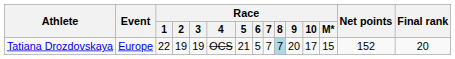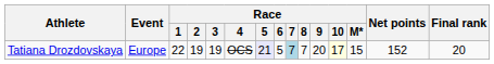 <table class="wikitable" style="font-size:90%">
 <tr>
 <th rowspan=2>Athlete</th>
 <th rowspan=2>Event</th>
 <th colspan=11>Race</th>
 <th rowspan=2>Net points</th>
 <th rowspan=2>Final rank</th>
 </tr>
 <tr style="font-size:95%">
 <th>1</th>
 <th>2</th>
 <th>3</th>
 <th>4</th>
 <th>5</th>
 <th>6</th>
 <th>7</th>
 <th>8</th>
 <th>9</th>
 <th>10</th>
 <th>M*</th>
 </tr>
 <tr align=center>
 <td align=left><a href='#'>Tatiana Drozdovskaya</a></td>
 <td align=left><a href='#'>Europe</a></td>
 <td>22</td>
 <td>19</td>
 <td>19</td>
 <td><s>OCS</s></td>
-<td>21</td>
+<td style="background: lavender;">21</td>
 <td>5</td>
+<td style="background: lightblue;">7</td>
 <td>7</td>
-<td style="background: lightblue;">7</td>
 <td>20</td>
-<td>17</td>
+<td style="background: lightyellow;">17</td>
 <td>15</td>
 <td>152</td>
 <td>20</td>
 </tr>
 </table>
